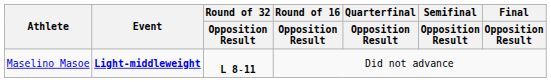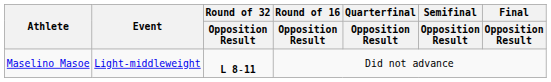 <table class=wikitable style=font-size:90%>
 <tr>
 <th rowspan=2>Athlete</th>
 <th rowspan=2>Event</th>
 <th>Round of 32</th>
 <th>Round of 16</th>
 <th>Quarterfinal</th>
 <th>Semifinal</th>
 <th>Final</th>
 </tr>
 <tr>
 <th>Opposition<br>Result</th>
 <th>Opposition<br>Result</th>
 <th>Opposition<br>Result</th>
 <th>Opposition<br>Result</th>
 <th>Opposition<br>Result</th>
 </tr>
 <tr>
 <td><a href='#'>Maselino Masoe</a></td>
-<td><strong><a href='#'>Light-middleweight</a></strong></td>
+<td><a href='#'>Light-middleweight</a></td>
 <td align=center><br><strong>L</strong> <strong>8</strong>-<strong>11</strong></td>
 <td colspan=4 align=center>Did not advance</td>
 </tr>
 </table>
